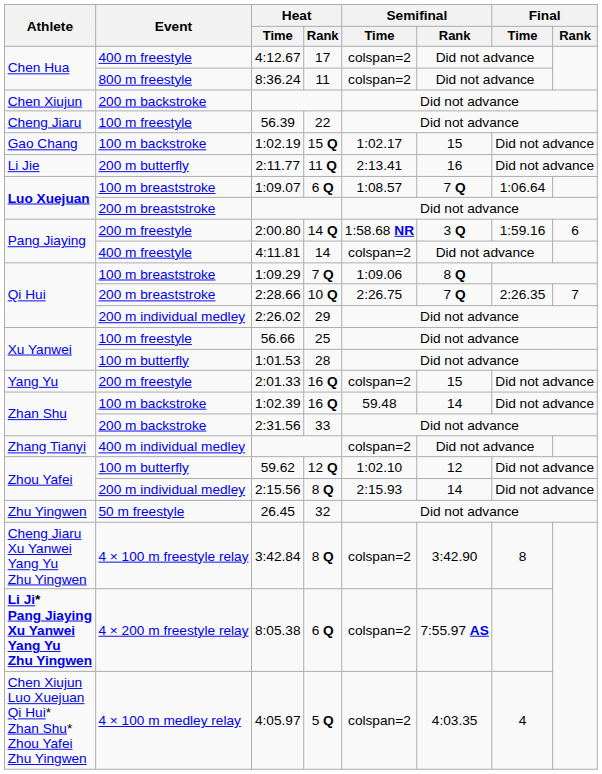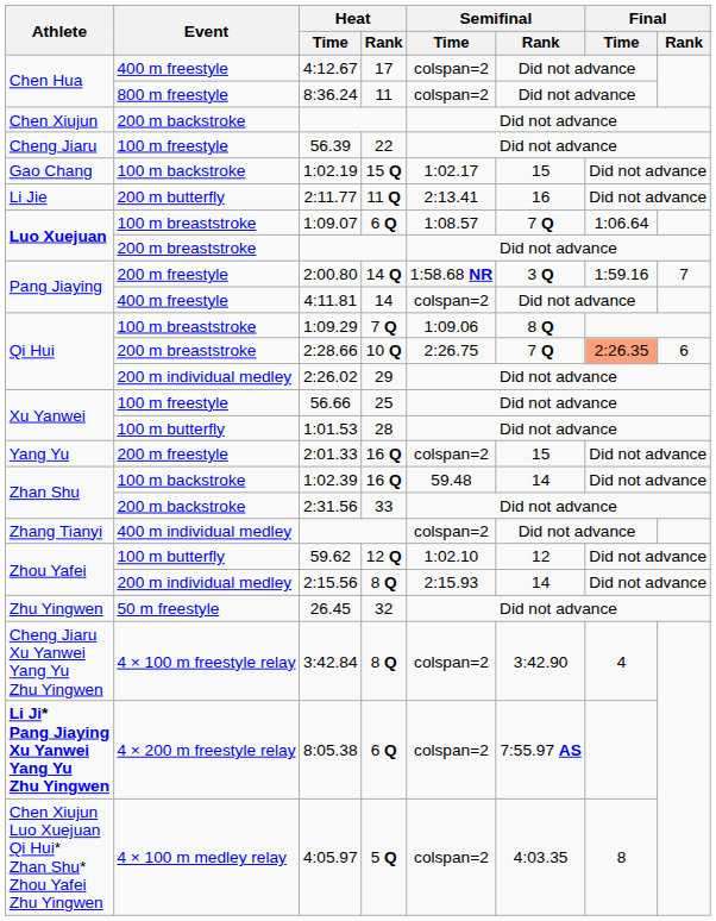 <table class=wikitable style="font-size:90%">
 <tr>
 <th rowspan="2">Athlete</th>
 <th rowspan="2">Event</th>
 <th colspan="2">Heat</th>
 <th colspan="2">Semifinal</th>
 <th colspan="2">Final</th>
 </tr>
 <tr style="font-size:95%">
 <th>Time</th>
 <th>Rank</th>
 <th>Time</th>
 <th>Rank</th>
 <th>Time</th>
 <th>Rank</th>
 </tr>
 <tr align=center>
 <td style="text-align:left;" rowspan="2"><a href='#'>Chen Hua</a></td>
 <td align=left><a href='#'>400 m freestyle</a></td>
 <td>4:12.67</td>
 <td>17</td>
 <td>colspan=2 </td>
 <td colspan=2>Did not advance</td>
 </tr>
 <tr align=center>
 <td align=left><a href='#'>800 m freestyle</a></td>
 <td>8:36.24</td>
 <td>11</td>
 <td>colspan=2 </td>
 <td colspan=2>Did not advance</td>
 </tr>
 <tr align=center>
 <td align=left><a href='#'>Chen Xiujun</a></td>
 <td align=left><a href='#'>200 m backstroke</a></td>
 <td colspan=2></td>
 <td colspan=4>Did not advance</td>
 </tr>
 <tr align=center>
 <td align=left><a href='#'>Cheng Jiaru</a></td>
 <td align=left><a href='#'>100 m freestyle</a></td>
 <td>56.39</td>
 <td>22</td>
 <td colspan=4>Did not advance</td>
 </tr>
 <tr align=center>
 <td align=left><a href='#'>Gao Chang</a></td>
 <td align=left><a href='#'>100 m backstroke</a></td>
 <td>1:02.19</td>
 <td>15 <strong>Q</strong></td>
 <td>1:02.17</td>
 <td>15</td>
 <td colspan=2>Did not advance</td>
 </tr>
 <tr align=center>
 <td align=left><a href='#'>Li Jie</a></td>
 <td align=left><a href='#'>200 m butterfly</a></td>
 <td>2:11.77</td>
 <td>11 <strong>Q</strong></td>
 <td>2:13.41</td>
 <td>16</td>
 <td colspan=2>Did not advance</td>
 </tr>
 <tr align=center>
 <td style="text-align:left;" rowspan="2"><strong><a href='#'>Luo Xuejuan</a></strong></td>
 <td align=left><a href='#'>100 m breaststroke</a></td>
 <td>1:09.07</td>
 <td>6 <strong>Q</strong></td>
 <td>1:08.57</td>
 <td>7 <strong>Q</strong></td>
 <td>1:06.64 </td>
 <td></td>
 </tr>
 <tr align=center>
 <td align=left><a href='#'>200 m breaststroke</a></td>
 <td colspan=2></td>
 <td colspan=4>Did not advance</td>
 </tr>
 <tr align=center>
 <td style="text-align:left;" rowspan="2"><a href='#'>Pang Jiaying</a></td>
 <td align=left><a href='#'>200 m freestyle</a></td>
 <td>2:00.80</td>
 <td>14 <strong>Q</strong></td>
 <td>1:58.68 <strong><a href='#'>NR</a></strong></td>
 <td>3 <strong>Q</strong></td>
 <td>1:59.16</td>
-<td>6</td>
+<td>7</td>
 </tr>
 <tr align=center>
 <td align=left><a href='#'>400 m freestyle</a></td>
 <td>4:11.81</td>
 <td>14</td>
 <td>colspan=2 </td>
 <td colspan=2>Did not advance</td>
 </tr>
 <tr align=center>
 <td style="text-align:left;" rowspan="3"><a href='#'>Qi Hui</a></td>
 <td align=left><a href='#'>100 m breaststroke</a></td>
 <td>1:09.29</td>
 <td>7 <strong>Q</strong></td>
 <td>1:09.06</td>
 <td>8 <strong>Q</strong></td>
 <td colspan=2></td>
 </tr>
 <tr align=center>
 <td align=left><a href='#'>200 m breaststroke</a></td>
 <td>2:28.66</td>
 <td>10 <strong>Q</strong></td>
 <td>2:26.75</td>
 <td>7 <strong>Q</strong></td>
-<td>2:26.35</td>
-<td>7</td>
+<td style="background: lightsalmon;">2:26.35</td>
+<td>6</td>
 </tr>
 <tr align=center>
 <td align=left><a href='#'>200 m individual medley</a></td>
 <td>2:26.02</td>
 <td>29</td>
 <td colspan=4>Did not advance</td>
 </tr>
 <tr align=center>
 <td style="text-align:left;" rowspan="2"><a href='#'>Xu Yanwei</a></td>
 <td align=left><a href='#'>100 m freestyle</a></td>
 <td>56.66</td>
 <td>25</td>
 <td colspan=4>Did not advance</td>
 </tr>
 <tr align=center>
 <td align=left><a href='#'>100 m butterfly</a></td>
 <td>1:01.53</td>
 <td>28</td>
 <td colspan=4>Did not advance</td>
 </tr>
 <tr align=center>
 <td align=left><a href='#'>Yang Yu</a></td>
 <td align=left><a href='#'>200 m freestyle</a></td>
 <td>2:01.33</td>
 <td>16 <strong>Q</strong></td>
 <td>colspan=2 </td>
 <td>15</td>
 <td colspan=2>Did not advance</td>
 </tr>
 <tr align=center>
 <td style="text-align:left;" rowspan="2"><a href='#'>Zhan Shu</a></td>
 <td align=left><a href='#'>100 m backstroke</a></td>
 <td>1:02.39</td>
 <td>16 <strong>Q</strong></td>
 <td>59.48</td>
 <td>14</td>
 <td colspan=2>Did not advance</td>
 </tr>
 <tr align=center>
 <td align=left><a href='#'>200 m backstroke</a></td>
 <td>2:31.56</td>
 <td>33</td>
 <td colspan=4>Did not advance</td>
 </tr>
 <tr align=center>
 <td align=left><a href='#'>Zhang Tianyi</a></td>
 <td align=left><a href='#'>400 m individual medley</a></td>
 <td colspan=2></td>
 <td>colspan=2 </td>
 <td colspan=2>Did not advance</td>
 </tr>
 <tr align=center>
 <td style="text-align:left;" rowspan="2"><a href='#'>Zhou Yafei</a></td>
 <td align=left><a href='#'>100 m butterfly</a></td>
 <td>59.62</td>
 <td>12 <strong>Q</strong></td>
 <td>1:02.10</td>
 <td>12</td>
 <td colspan=2>Did not advance</td>
 </tr>
 <tr align=center>
 <td align=left><a href='#'>200 m individual medley</a></td>
 <td>2:15.56</td>
 <td>8 <strong>Q</strong></td>
 <td>2:15.93</td>
 <td>14</td>
 <td colspan=2>Did not advance</td>
 </tr>
 <tr align=center>
 <td align=left><a href='#'>Zhu Yingwen</a></td>
 <td align=left><a href='#'>50 m freestyle</a></td>
 <td>26.45</td>
 <td>32</td>
 <td colspan=4>Did not advance</td>
 </tr>
 <tr align=center>
 <td align=left><a href='#'>Cheng Jiaru</a><br><a href='#'>Xu Yanwei</a><br><a href='#'>Yang Yu</a><br><a href='#'>Zhu Yingwen</a></td>
 <td align=left><a href='#'>4 × 100 m freestyle relay</a></td>
 <td>3:42.84</td>
 <td>8 <strong>Q</strong></td>
 <td>colspan=2 </td>
 <td>3:42.90</td>
-<td>8</td>
+<td>4</td>
 </tr>
 <tr align=center>
 <td align=left><strong><a href='#'>Li Ji</a>*<br><a href='#'>Pang Jiaying</a><br><a href='#'>Xu Yanwei</a><br><a href='#'>Yang Yu</a><br><a href='#'>Zhu Yingwen</a></strong></td>
 <td align=left><a href='#'>4 × 200 m freestyle relay</a></td>
 <td>8:05.38</td>
 <td>6 <strong>Q</strong></td>
 <td>colspan=2 </td>
 <td>7:55.97 <strong><a href='#'>AS</a></strong></td>
 <td></td>
 </tr>
 <tr align=center>
 <td align=left><a href='#'>Chen Xiujun</a><br><a href='#'>Luo Xuejuan</a><br><a href='#'>Qi Hui</a>*<br><a href='#'>Zhan Shu</a>*<br><a href='#'>Zhou Yafei</a><br><a href='#'>Zhu Yingwen</a></td>
 <td align=left><a href='#'>4 × 100 m medley relay</a></td>
 <td>4:05.97</td>
 <td>5 <strong>Q</strong></td>
 <td>colspan=2 </td>
 <td>4:03.35</td>
-<td>4</td>
+<td>8</td>
 </tr>
 </table>
